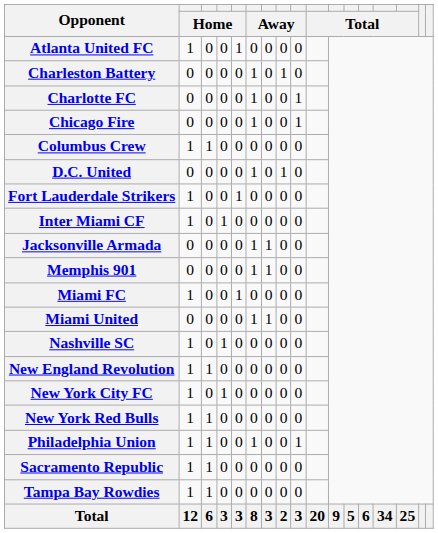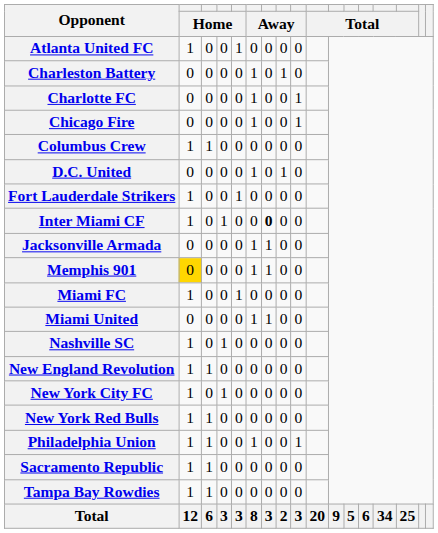 <table class="wikitable plainrowheaders sortable" style="text-align:center">
 <tr>
 <th rowspan="2" scope="col">Opponent</th>
 <th scope="col"></th>
 <th scope="col"></th>
 <th scope="col"></th>
 <th scope="col"></th>
 <th scope="col"></th>
 <th scope="col"></th>
 <th scope="col"></th>
 <th scope="col"></th>
 <th scope="col"></th>
 <th scope="col"></th>
 <th scope="col"></th>
 <th scope="col"></th>
 <th scope="col"></th>
 <th scope="col"></th>
 <th rowspan="2" scope="col"></th>
 <th rowspan="2"></th>
 </tr>
 <tr class="unsortable">
 <th colspan="4">Home</th>
 <th colspan="4">Away</th>
 <th colspan="6">Total</th>
 </tr>
 <tr>
 <th scope="row"> <a href='#'>Atlanta United FC</a></th>
 <td>1</td>
 <td>0</td>
 <td>0</td>
 <td>1</td>
 <td>0</td>
 <td>0</td>
 <td>0</td>
 <td>0<br></td>
 <td></td>
 </tr>
 <tr>
 <th scope="row"> <a href='#'>Charleston Battery</a></th>
 <td>0</td>
 <td>0</td>
 <td>0</td>
 <td>0</td>
 <td>1</td>
 <td>0</td>
 <td>1</td>
 <td>0<br></td>
 <td></td>
 </tr>
 <tr>
 <th scope="row"> <a href='#'>Charlotte FC</a></th>
 <td>0</td>
 <td>0</td>
 <td>0</td>
 <td>0</td>
 <td>1</td>
 <td>0</td>
 <td>0</td>
 <td>1<br></td>
 <td></td>
 </tr>
 <tr>
 <th scope="row"> <a href='#'>Chicago Fire</a></th>
 <td>0</td>
 <td>0</td>
 <td>0</td>
 <td>0</td>
 <td>1</td>
 <td>0</td>
 <td>0</td>
 <td>1<br></td>
 <td></td>
 </tr>
 <tr>
 <th scope="row"> <a href='#'>Columbus Crew</a></th>
 <td>1</td>
 <td>1</td>
 <td>0</td>
 <td>0</td>
 <td>0</td>
 <td>0</td>
 <td>0</td>
 <td>0<br></td>
 <td></td>
 </tr>
 <tr>
 <th scope="row"> <a href='#'>D.C. United</a></th>
 <td>0</td>
 <td>0</td>
 <td>0</td>
 <td>0</td>
 <td>1</td>
 <td>0</td>
 <td>1</td>
 <td>0<br></td>
 <td></td>
 </tr>
 <tr>
 <th scope="row"> <a href='#'>Fort Lauderdale Strikers</a></th>
 <td>1</td>
 <td>0</td>
 <td>0</td>
 <td>1</td>
 <td>0</td>
 <td>0</td>
 <td>0</td>
 <td>0<br></td>
 <td></td>
 </tr>
 <tr>
 <th scope="row"> <a href='#'>Inter Miami CF</a></th>
 <td>1</td>
 <td>0</td>
 <td>1</td>
 <td>0</td>
 <td>0</td>
-<td>0</td>
+<td><strong>0</strong></td>
 <td>0</td>
 <td>0<br></td>
 <td></td>
 </tr>
 <tr>
 <th scope="row"> <a href='#'>Jacksonville Armada</a></th>
 <td>0</td>
 <td>0</td>
 <td>0</td>
 <td>0</td>
 <td>1</td>
 <td>1</td>
 <td>0</td>
 <td>0<br></td>
 <td></td>
 </tr>
 <tr>
 <th scope="row"> <a href='#'>Memphis 901</a></th>
-<td>0</td>
+<td style="background: gold;">0</td>
 <td>0</td>
 <td>0</td>
 <td>0</td>
 <td>1</td>
 <td>1</td>
 <td>0</td>
 <td>0<br></td>
 <td></td>
 </tr>
 <tr>
 <th scope="row"> <a href='#'>Miami FC</a></th>
 <td>1</td>
 <td>0</td>
 <td>0</td>
 <td>1</td>
 <td>0</td>
 <td>0</td>
 <td>0</td>
 <td>0<br></td>
 <td></td>
 </tr>
 <tr>
 <th scope="row"> <a href='#'>Miami United</a></th>
 <td>0</td>
 <td>0</td>
 <td>0</td>
 <td>0</td>
 <td>1</td>
 <td>1</td>
 <td>0</td>
 <td>0<br></td>
 <td></td>
 </tr>
 <tr>
 <th scope="row"> <a href='#'>Nashville SC</a></th>
 <td>1</td>
 <td>0</td>
 <td>1</td>
 <td>0</td>
 <td>0</td>
 <td>0</td>
 <td>0</td>
 <td>0<br></td>
 <td></td>
 </tr>
 <tr>
 <th scope="row"> <a href='#'>New England Revolution</a></th>
 <td>1</td>
 <td>1</td>
 <td>0</td>
 <td>0</td>
 <td>0</td>
 <td>0</td>
 <td>0</td>
 <td>0<br></td>
 <td></td>
 </tr>
 <tr>
 <th scope="row"> <a href='#'>New York City FC</a></th>
 <td>1</td>
 <td>0</td>
 <td>1</td>
 <td>0</td>
 <td>0</td>
 <td>0</td>
 <td>0</td>
 <td>0<br></td>
 <td></td>
 </tr>
 <tr>
 <th scope="row"> <a href='#'>New York Red Bulls</a></th>
 <td>1</td>
 <td>1</td>
 <td>0</td>
 <td>0</td>
 <td>0</td>
 <td>0</td>
 <td>0</td>
 <td>0<br></td>
 <td></td>
 </tr>
 <tr>
 <th scope="row"> <a href='#'>Philadelphia Union</a></th>
 <td>1</td>
 <td>1</td>
 <td>0</td>
 <td>0</td>
 <td>1</td>
 <td>0</td>
 <td>0</td>
 <td>1<br></td>
 <td></td>
 </tr>
 <tr>
 <th scope="row"> <a href='#'>Sacramento Republic</a></th>
 <td>1</td>
 <td>1</td>
 <td>0</td>
 <td>0</td>
 <td>0</td>
 <td>0</td>
 <td>0</td>
 <td>0<br></td>
 <td></td>
 </tr>
 <tr>
 <th scope="row"> <a href='#'>Tampa Bay Rowdies</a></th>
 <td>1</td>
 <td>1</td>
 <td>0</td>
 <td>0</td>
 <td>0</td>
 <td>0</td>
 <td>0</td>
 <td>0<br></td>
 <td></td>
 </tr>
 <tr>
 <th>Total</th>
 <th>12</th>
 <th>6</th>
 <th>3</th>
 <th>3</th>
 <th>8</th>
 <th>3</th>
 <th>2</th>
 <th>3</th>
 <th>20</th>
 <th>9</th>
 <th>5</th>
 <th>6</th>
 <th>34</th>
 <th>25</th>
 <th><br></th>
 <th></th>
 </tr>
 </table>
